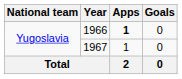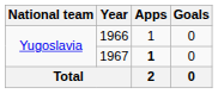 <table class="wikitable" style="text-align:center">
 <tr>
 <th>National team</th>
 <th>Year</th>
 <th>Apps</th>
 <th>Goals</th>
 </tr>
 <tr>
 <td rowspan="2"><a href='#'>Yugoslavia</a></td>
 <td>1966</td>
-<td><strong>1</strong></td>
+<td>1</td>
 <td>0</td>
 </tr>
 <tr>
 <td>1967</td>
-<td>1</td>
+<td><strong>1</strong></td>
 <td>0</td>
 </tr>
 <tr>
 <th colspan="2">Total</th>
 <th>2</th>
 <th>0</th>
 </tr>
 </table>
